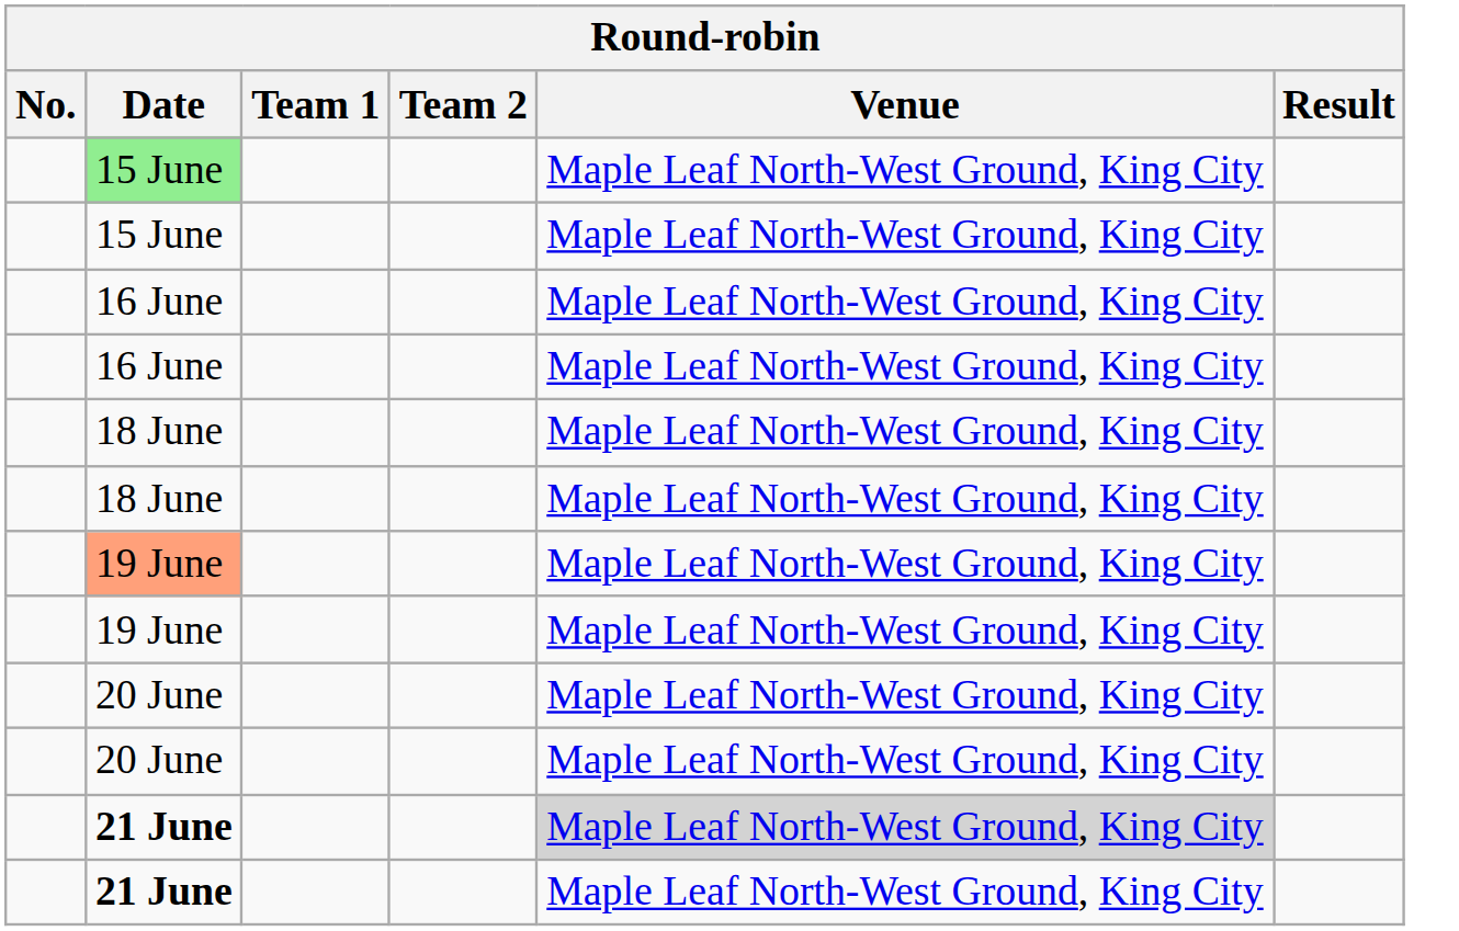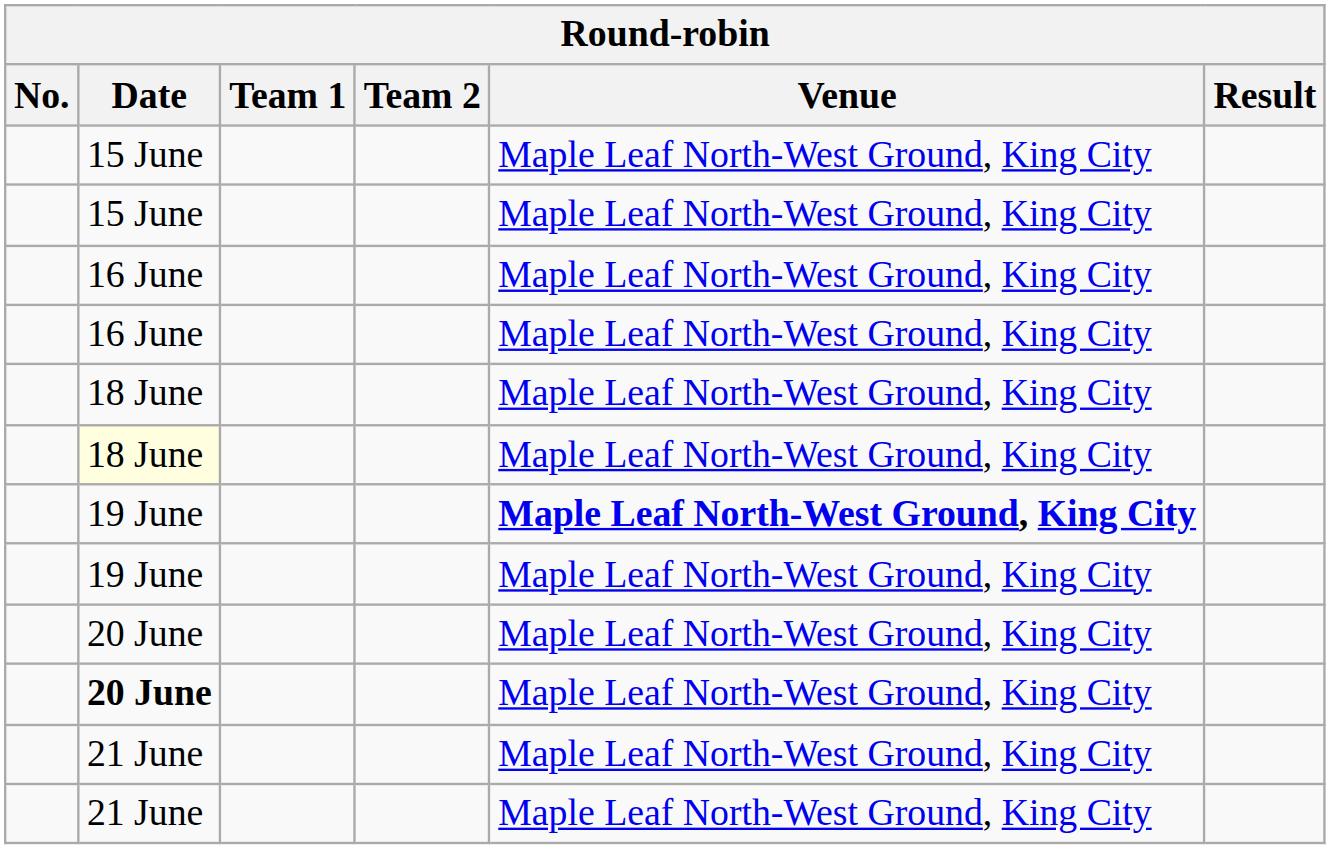 <table class="wikitable">
 <tr>
 <th colspan="6">Round-robin</th>
 </tr>
 <tr>
 <th>No.</th>
 <th>Date</th>
 <th>Team 1</th>
 <th>Team 2</th>
 <th>Venue</th>
 <th>Result</th>
 </tr>
 <tr>
 <td></td>
-<td style="background: lightgreen;">15 June</td>
+<td>15 June</td>
 <td></td>
 <td></td>
 <td><a href='#'>Maple Leaf North-West Ground</a>, <a href='#'>King City</a></td>
 <td></td>
 </tr>
 <tr>
 <td></td>
 <td>15 June</td>
 <td></td>
 <td></td>
 <td><a href='#'>Maple Leaf North-West Ground</a>, <a href='#'>King City</a></td>
 <td></td>
 </tr>
 <tr>
 <td></td>
 <td>16 June</td>
 <td></td>
 <td></td>
 <td><a href='#'>Maple Leaf North-West Ground</a>, <a href='#'>King City</a></td>
 <td></td>
 </tr>
 <tr>
 <td></td>
 <td>16 June</td>
 <td></td>
 <td></td>
 <td><a href='#'>Maple Leaf North-West Ground</a>, <a href='#'>King City</a></td>
 <td></td>
 </tr>
 <tr>
 <td></td>
 <td>18 June</td>
 <td></td>
 <td></td>
 <td><a href='#'>Maple Leaf North-West Ground</a>, <a href='#'>King City</a></td>
 <td></td>
 </tr>
 <tr>
 <td></td>
-<td>18 June</td>
+<td style="background: lightyellow;">18 June</td>
 <td></td>
 <td></td>
 <td><a href='#'>Maple Leaf North-West Ground</a>, <a href='#'>King City</a></td>
 <td></td>
 </tr>
 <tr>
 <td></td>
-<td style="background: lightsalmon;">19 June</td>
+<td>19 June</td>
 <td></td>
 <td></td>
-<td><a href='#'>Maple Leaf North-West Ground</a>, <a href='#'>King City</a></td>
+<td><strong><a href='#'>Maple Leaf North-West Ground</a>, <a href='#'>King City</a></strong></td>
 <td></td>
 </tr>
 <tr>
 <td></td>
 <td>19 June</td>
 <td></td>
 <td></td>
 <td><a href='#'>Maple Leaf North-West Ground</a>, <a href='#'>King City</a></td>
 <td></td>
 </tr>
 <tr>
 <td></td>
 <td>20 June</td>
 <td></td>
 <td></td>
 <td><a href='#'>Maple Leaf North-West Ground</a>, <a href='#'>King City</a></td>
 <td></td>
 </tr>
 <tr>
 <td></td>
-<td>20 June</td>
+<td><strong>20 June</strong></td>
 <td></td>
 <td></td>
 <td><a href='#'>Maple Leaf North-West Ground</a>, <a href='#'>King City</a></td>
 <td></td>
 </tr>
 <tr>
 <td></td>
-<td><strong>21 June</strong></td>
+<td>21 June</td>
 <td></td>
 <td></td>
-<td style="background: lightgrey;"><a href='#'>Maple Leaf North-West Ground</a>, <a href='#'>King City</a></td>
+<td><a href='#'>Maple Leaf North-West Ground</a>, <a href='#'>King City</a></td>
 <td></td>
 </tr>
 <tr>
 <td></td>
-<td><strong>21 June</strong></td>
+<td>21 June</td>
 <td></td>
 <td></td>
 <td><a href='#'>Maple Leaf North-West Ground</a>, <a href='#'>King City</a></td>
 <td></td>
 </tr>
 </table>
